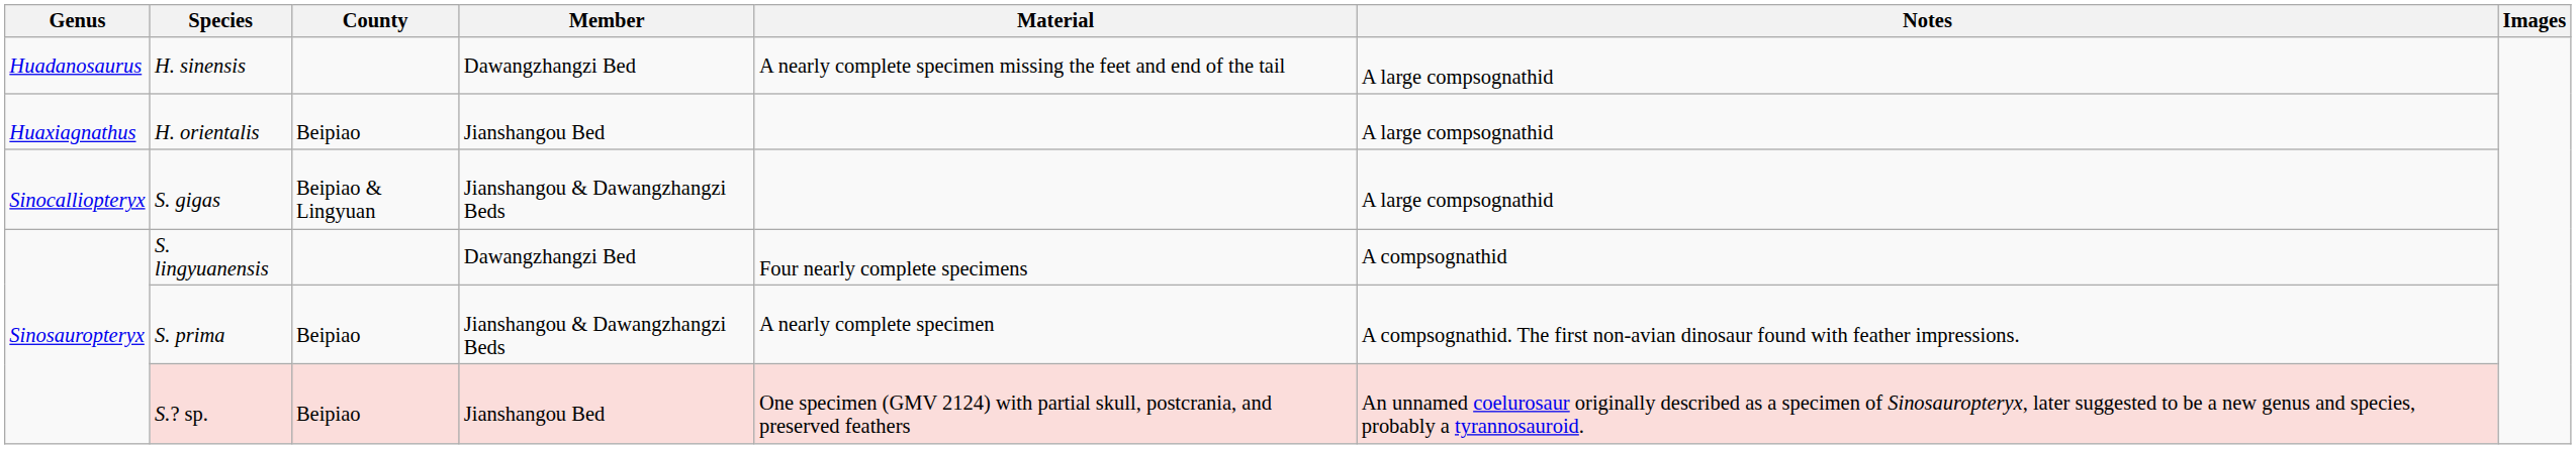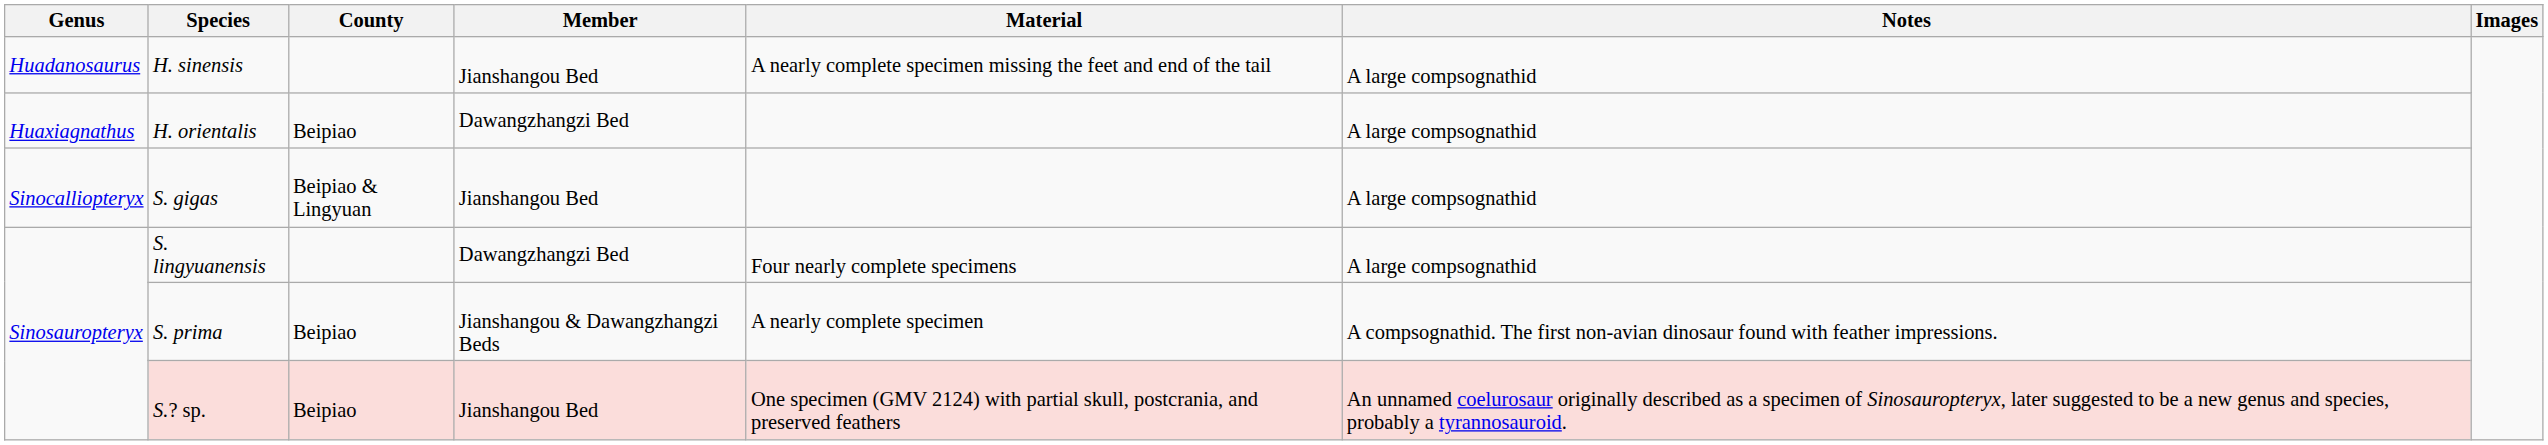 <table class="wikitable" align="center" width="100%">
 <tr>
 <th>Genus</th>
 <th>Species</th>
 <th>County</th>
 <th>Member</th>
 <th>Material</th>
 <th>Notes</th>
 <th>Images</th>
 </tr>
 <tr>
 <td><em><a href='#'>Huadanosaurus</a></em></td>
 <td><em>H. sinensis</em></td>
 <td></td>
-<td>Dawangzhangzi Bed</td>
+<td><br>Jianshangou Bed</td>
 <td>A nearly complete specimen missing the feet and end of the tail</td>
 <td><br>A large compsognathid</td>
 <td rowspan="100"><br> </td>
 </tr>
 <tr>
 <td><br><em><a href='#'>Huaxiagnathus</a></em></td>
 <td><br><em>H. orientalis</em></td>
 <td><br>Beipiao</td>
-<td><br>Jianshangou Bed</td>
+<td>Dawangzhangzi Bed</td>
 <td></td>
 <td><br>A large compsognathid</td>
 </tr>
 <tr>
 <td><br><em><a href='#'>Sinocalliopteryx</a></em></td>
 <td><br><em>S. gigas</em></td>
 <td><br>Beipiao & Lingyuan</td>
-<td><br>Jianshangou & Dawangzhangzi Beds</td>
+<td><br>Jianshangou Bed</td>
 <td></td>
 <td><br>A large compsognathid</td>
 </tr>
 <tr>
 <td rowspan="3"><em><a href='#'>Sinosauropteryx</a></em></td>
 <td><em>S. lingyuanensis</em></td>
 <td></td>
 <td>Dawangzhangzi Bed</td>
 <td><br>Four nearly complete specimens</td>
-<td>A compsognathid</td>
+<td><br>A large compsognathid</td>
 </tr>
 <tr>
 <td><br><em>S. prima</em></td>
 <td><br>Beipiao</td>
 <td><br>Jianshangou & Dawangzhangzi Beds</td>
 <td>A nearly complete specimen</td>
 <td><br>A compsognathid. The first non-avian dinosaur found with feather impressions.</td>
 </tr>
 <tr>
 <td style="background:#fbdddb;"><br><em>S.</em>? sp.</td>
 <td style="background:#fbdddb;"><br>Beipiao</td>
 <td style="background:#fbdddb;"><br>Jianshangou Bed</td>
 <td style="background:#fbdddb;"><br>One specimen (GMV 2124) with partial skull, postcrania, and preserved feathers</td>
 <td style="background:#fbdddb;"><br>An unnamed <a href='#'>coelurosaur</a> originally described as a specimen of <em>Sinosauropteryx</em>, later suggested to be a new genus and species, probably a <a href='#'>tyrannosauroid</a>.</td>
 </tr>
 </table>
